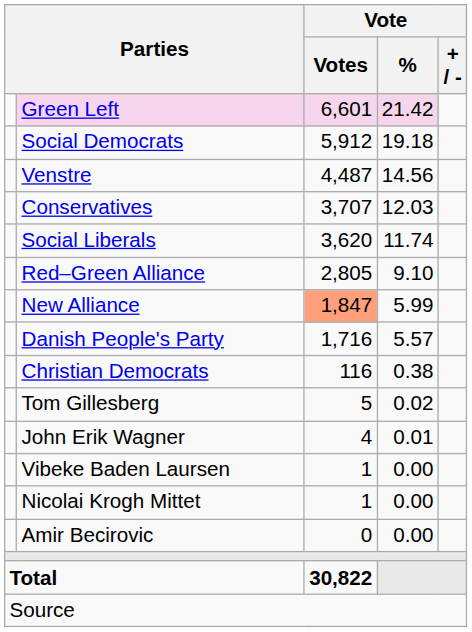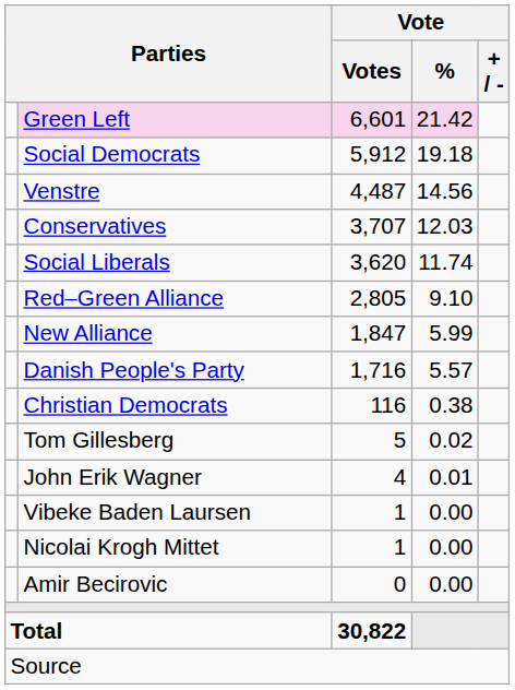 <table class="wikitable" style="text-align:right;">
 <tr>
 <th style="text-align:centre;" rowspan="2" colspan="2" width="225">Parties</th>
 <th colspan="3">Vote</th>
 </tr>
 <tr>
 <th width="15">Votes</th>
 <th width="15">%</th>
 <th width="15">+ / -</th>
 </tr>
 <tr>
 <td width="2" style="color:inherit;background:"></td>
 <td bgcolor=#f7d5ed  align="left"><a href='#'>Green Left</a></td>
 <td bgcolor=#f7d5ed>6,601</td>
 <td bgcolor=#f7d5ed>21.42</td>
 <td></td>
 </tr>
 <tr>
 <td width="2" style="color:inherit;background:"></td>
 <td align="left"><a href='#'>Social Democrats</a></td>
 <td>5,912</td>
 <td>19.18</td>
 <td></td>
 </tr>
 <tr>
 <td width="2" style="color:inherit;background:"></td>
 <td align="left"><a href='#'>Venstre</a></td>
 <td>4,487</td>
 <td>14.56</td>
 <td></td>
 </tr>
 <tr>
 <td width="2" style="color:inherit;background:"></td>
 <td align="left"><a href='#'>Conservatives</a></td>
 <td>3,707</td>
 <td>12.03</td>
 <td></td>
 </tr>
 <tr>
 <td width="2" style="color:inherit;background:"></td>
 <td align="left"><a href='#'>Social Liberals</a></td>
 <td>3,620</td>
 <td>11.74</td>
 <td></td>
 </tr>
 <tr>
 <td width="2" style="color:inherit;background:"></td>
 <td align="left"><a href='#'>Red–Green Alliance</a></td>
 <td>2,805</td>
 <td>9.10</td>
 <td></td>
 </tr>
 <tr>
 <td width="2" style="color:inherit;background:"></td>
 <td align="left"><a href='#'>New Alliance</a></td>
-<td style="background: lightsalmon;">1,847</td>
+<td>1,847</td>
 <td>5.99</td>
 <td></td>
 </tr>
 <tr>
 <td width="2" style="color:inherit;background:"></td>
 <td align="left"><a href='#'>Danish People's Party</a></td>
 <td>1,716</td>
 <td>5.57</td>
 <td></td>
 </tr>
 <tr>
 <td width="2" style="color:inherit;background:"></td>
 <td align="left"><a href='#'>Christian Democrats</a></td>
 <td>116</td>
 <td>0.38</td>
 <td></td>
 </tr>
 <tr>
 <td width="2" style="color:inherit;background:"></td>
 <td align="left">Tom Gillesberg</td>
 <td>5</td>
 <td>0.02</td>
 <td></td>
 </tr>
 <tr>
 <td width="2" style="color:inherit;background:"></td>
 <td align="left">John Erik Wagner</td>
 <td>4</td>
 <td>0.01</td>
 <td></td>
 </tr>
 <tr>
 <td width="2" style="color:inherit;background:"></td>
 <td align="left">Vibeke Baden Laursen</td>
 <td>1</td>
 <td>0.00</td>
 <td></td>
 </tr>
 <tr>
 <td width="2" style="color:inherit;background:"></td>
 <td align="left">Nicolai Krogh Mittet</td>
 <td>1</td>
 <td>0.00</td>
 <td></td>
 </tr>
 <tr>
 <td width="2" style="color:inherit;background:"></td>
 <td align="left">Amir Becirovic</td>
 <td>0</td>
 <td>0.00</td>
 <td></td>
 </tr>
 <tr>
 <td colspan="7" bgcolor="#E9E9E9"></td>
 </tr>
 <tr>
 <td align="left" colspan="2"><strong>Total</strong></td>
 <td><strong>30,822</strong></td>
 <td bgcolor="#E9E9E9" colspan="2"></td>
 </tr>
 <tr>
 <td align="left" colspan="6">Source</td>
 </tr>
 </table>
